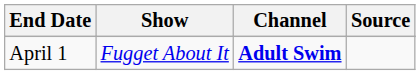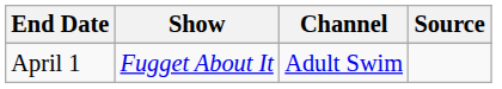 <table class="wikitable sortable">
 <tr>
 <th>End Date</th>
 <th>Show</th>
 <th>Channel</th>
 <th>Source</th>
 </tr>
 <tr>
 </tr>
 <tr>
 <td>April 1</td>
 <td><em><a href='#'>Fugget About It</a></em></td>
-<td><strong><a href='#'>Adult Swim</a></strong></td>
+<td><a href='#'>Adult Swim</a></td>
 <td></td>
 </tr>
 </table>
